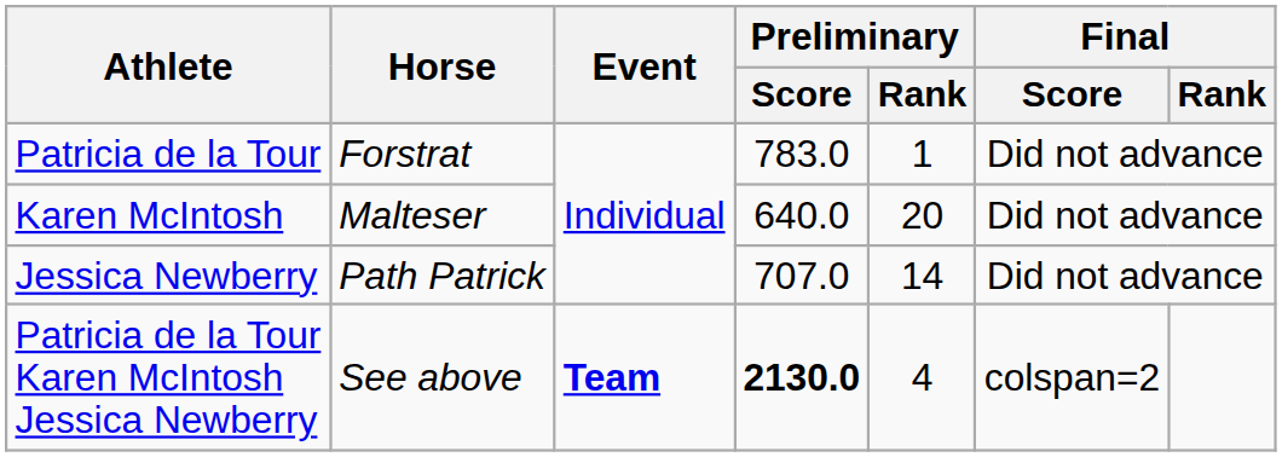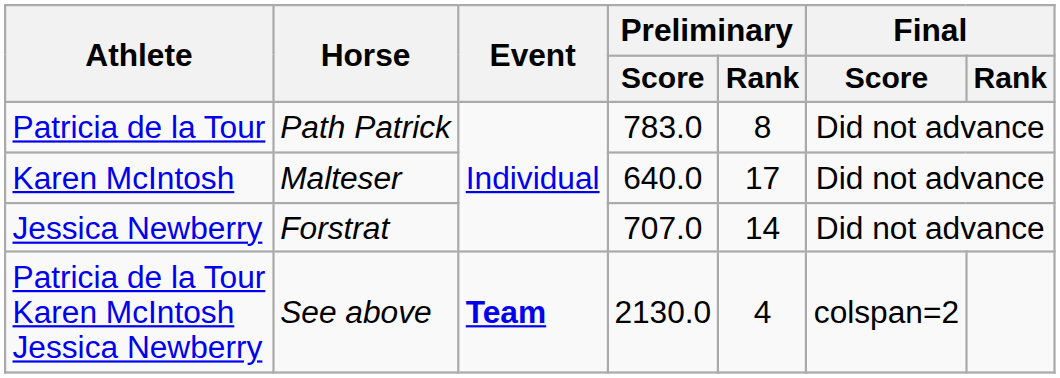 <table class=wikitable style=font-size:90%;text-align:center>
 <tr>
 <th rowspan=2>Athlete</th>
 <th rowspan=2>Horse</th>
 <th rowspan=2>Event</th>
 <th colspan=2>Preliminary</th>
 <th colspan=2>Final</th>
 </tr>
 <tr style=font-size:95%>
 <th>Score</th>
 <th>Rank</th>
 <th>Score</th>
 <th>Rank</th>
 </tr>
 <tr>
 <td align=left><a href='#'>Patricia de la Tour</a></td>
-<td align=left><em>Forstrat</em></td>
+<td align=left><em>Path Patrick</em></td>
 <td align=left rowspan=3><a href='#'>Individual</a></td>
 <td>783.0</td>
-<td>1</td>
+<td>8</td>
 <td colspan=2>Did not advance</td>
 </tr>
 <tr>
 <td align=left><a href='#'>Karen McIntosh</a></td>
 <td align=left><em>Malteser</em></td>
 <td>640.0</td>
-<td>20</td>
+<td>17</td>
 <td colspan=2>Did not advance</td>
 </tr>
 <tr>
 <td align=left><a href='#'>Jessica Newberry</a></td>
-<td align=left><em>Path Patrick</em></td>
+<td align=left><em>Forstrat</em></td>
 <td>707.0</td>
 <td>14</td>
 <td colspan=2>Did not advance</td>
 </tr>
 <tr>
 <td align=left><a href='#'>Patricia de la Tour</a><br><a href='#'>Karen McIntosh</a><br><a href='#'>Jessica Newberry</a></td>
 <td align=left><em>See above</em></td>
 <td align=left><strong><a href='#'>Team</a></strong></td>
-<td><strong>2130.0</strong></td>
+<td>2130.0</td>
 <td>4</td>
 <td>colspan=2 </td>
 </tr>
 </table>
